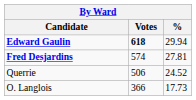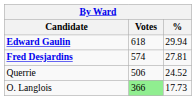 <table class="wikitable">
 <tr>
 <th colspan="3"><a href='#'>By Ward</a></th>
 </tr>
 <tr>
 <th style="width: 200px">Candidate</th>
 <th style="width: 50px">Votes</th>
 <th style="width: 40px">%</th>
 </tr>
 <tr>
 <td><strong><a href='#'>Edward Gaulin</a></strong></td>
-<td><strong>618</strong></td>
+<td>618</td>
 <td>29.94</td>
 </tr>
 <tr>
 <td><strong><a href='#'>Fred Desjardins</a></strong></td>
 <td>574</td>
 <td>27.81</td>
 </tr>
 <tr>
 <td>Querrie</td>
 <td>506</td>
 <td>24.52</td>
 </tr>
 <tr>
 <td>O. Langlois</td>
-<td>366</td>
+<td style="background: lightgreen;">366</td>
 <td>17.73</td>
 </tr>
 </table>
